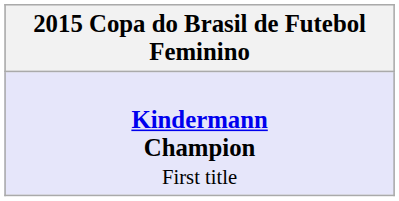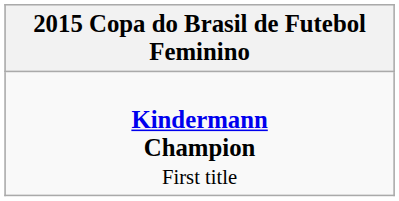 <table class="wikitable" style="margin: 0 auto; width: 20%;">
 <tr>
 <th>2015 Copa do Brasil de Futebol Feminino</th>
 </tr>
 <tr>
-<td align=center style="background: lavender;"> <br><strong><a href='#'>Kindermann</a></strong><br><strong>Champion</strong><br><small>First title</small></td>
+<td align=center> <br><strong><a href='#'>Kindermann</a></strong><br><strong>Champion</strong><br><small>First title</small></td>
 </tr>
 </table>
